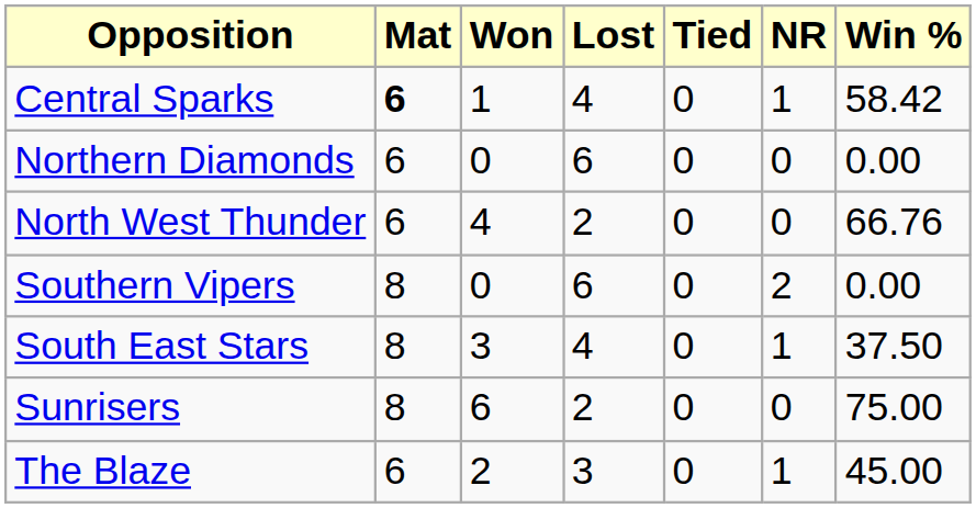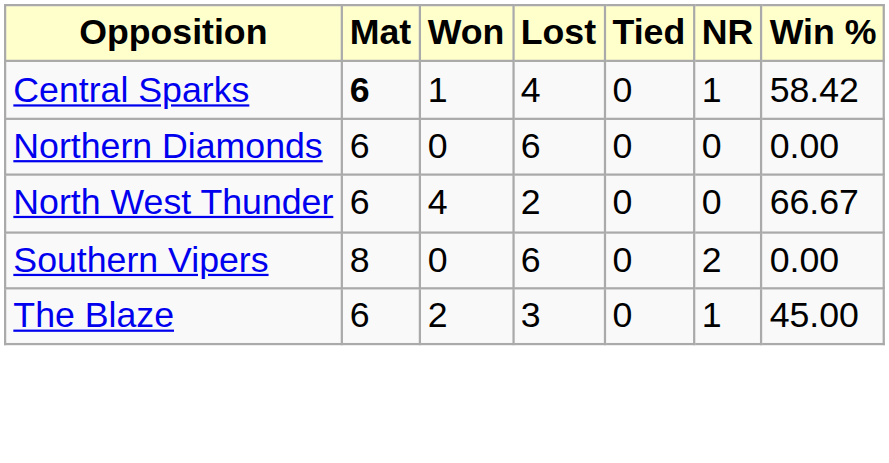 <table class="wikitable sortable">
 <tr>
 <th style="background:#ffc;">Opposition</th>
 <th style="background:#ffc;">Mat</th>
 <th style="background:#ffc;">Won</th>
 <th style="background:#ffc;">Lost</th>
 <th style="background:#ffc;">Tied</th>
 <th style="background:#ffc;">NR</th>
 <th style="background:#ffc;">Win %</th>
 </tr>
 <tr>
 <td><a href='#'>Central Sparks</a></td>
 <td><strong>6</strong></td>
 <td>1</td>
 <td>4</td>
 <td>0</td>
 <td>1</td>
 <td>58.42</td>
 </tr>
 <tr>
 <td><a href='#'>Northern Diamonds</a></td>
 <td>6</td>
 <td>0</td>
 <td>6</td>
 <td>0</td>
 <td>0</td>
 <td>0.00</td>
 </tr>
 <tr>
 <td><a href='#'>North West Thunder</a></td>
 <td>6</td>
 <td>4</td>
 <td>2</td>
 <td>0</td>
 <td>0</td>
-<td>66.76</td>
+<td>66.67</td>
 </tr>
 <tr>
 <td><a href='#'>Southern Vipers</a></td>
 <td>8</td>
 <td>0</td>
 <td>6</td>
 <td>0</td>
 <td>2</td>
 <td>0.00</td>
 </tr>
 <tr>
-<td><a href='#'>South East Stars</a></td>
-<td>8</td>
-<td>3</td>
-<td>4</td>
-<td>0</td>
-<td>1</td>
-<td>37.50</td>
-</tr>
-<tr>
-<td><a href='#'>Sunrisers</a></td>
-<td>8</td>
-<td>6</td>
-<td>2</td>
-<td>0</td>
-<td>0</td>
-<td>75.00</td>
-</tr>
-<tr>
 <td><a href='#'>The Blaze</a></td>
 <td>6</td>
 <td>2</td>
 <td>3</td>
 <td>0</td>
 <td>1</td>
 <td>45.00</td>
 </tr>
 </table>
